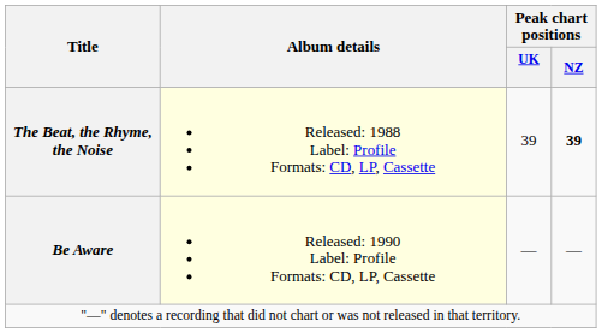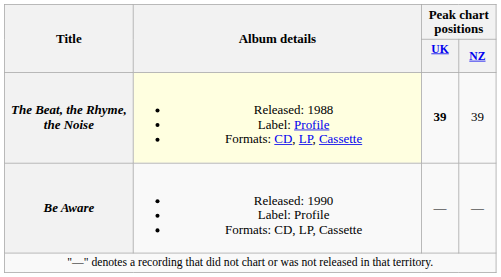 <table class="wikitable plainrowheaders" style="text-align:center;" border="1">
 <tr>
 <th scope="col" rowspan="2" style="width:10em;">Title</th>
 <th scope="col" rowspan="2" style="width:23em;">Album details</th>
 <th scope="col" colspan="2">Peak chart positions</th>
 </tr>
 <tr>
 <th scope="col" style="width:2.8em;font-size:90%;"><a href='#'>UK</a><br><br></th>
 <th scope="col" style="width:2.8em;font-size:90%;"><a href='#'>NZ</a><br></th>
 </tr>
 <tr>
 <th scope="row"><em>The Beat, the Rhyme, the Noise</em></th>
 <td style="background: lightyellow;"><br><ul><li>Released: 1988</li><li>Label: <a href='#'>Profile</a></li><li>Formats: <a href='#'>CD</a>, <a href='#'>LP</a>, <a href='#'>Cassette</a></li></ul></td>
+<td align="center"><strong>39</strong></td>
 <td align="center">39</td>
-<td align="center"><strong>39</strong></td>
 </tr>
 <tr>
 <th scope="row"><em>Be Aware</em></th>
-<td style="background: lightyellow;"><br><ul><li>Released: 1990</li><li>Label: Profile</li><li>Formats: CD, LP, Cassette</li></ul></td>
+<td><br><ul><li>Released: 1990</li><li>Label: Profile</li><li>Formats: CD, LP, Cassette</li></ul></td>
 <td align="center">—</td>
 <td align="center">—</td>
 </tr>
 <tr>
 <td colspan="15" style="font-size:90%">"—" denotes a recording that did not chart or was not released in that territory.</td>
 </tr>
 </table>
